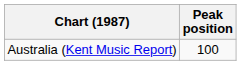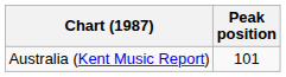 <table class="wikitable">
 <tr>
 <th scope="col">Chart (1987)</th>
 <th>Peak<br>position</th>
 </tr>
 <tr>
 <td>Australia (<a href='#'>Kent Music Report</a>)</td>
-<td style="text-align:center;">100</td>
+<td style="text-align:center;">101</td>
 </tr>
 </table>
